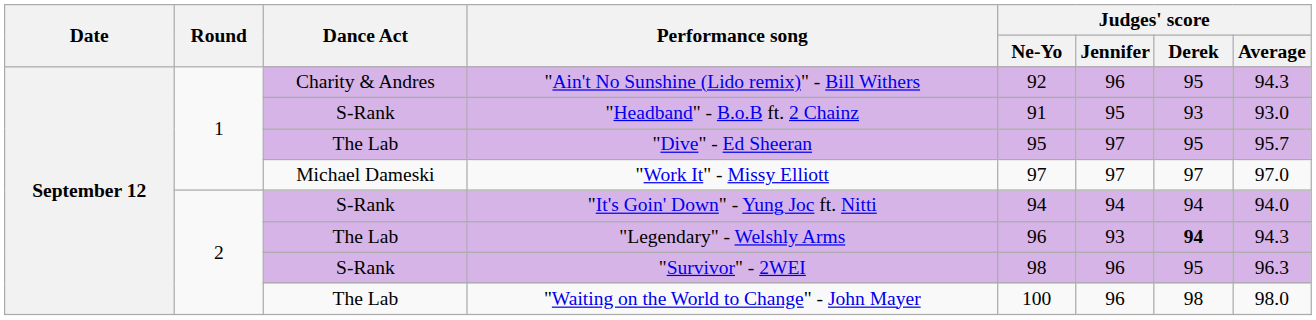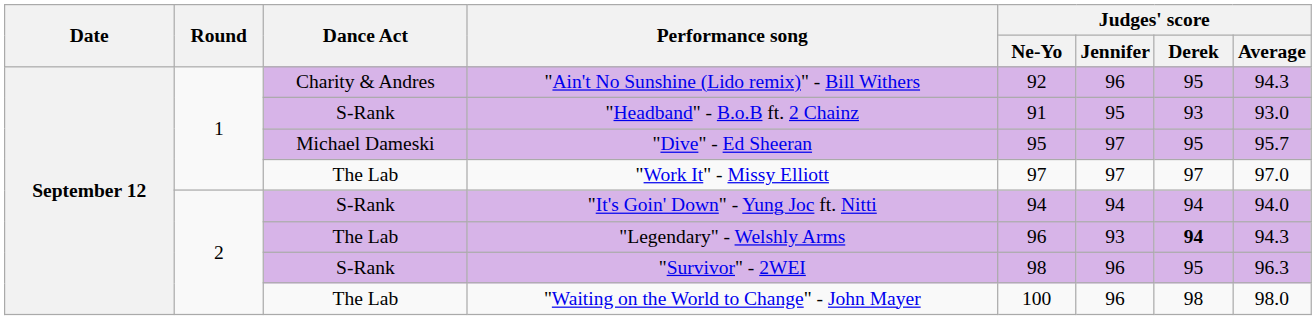 <table class="wikitable sortable" style="text-align:center;">
 <tr>
 <th scope="col" rowspan="2" class="unsortable">Date</th>
 <th scope="col" rowspan="2">Round</th>
 <th scope="col" rowspan="2" class="unsortable">Dance Act</th>
 <th scope="col" rowspan="2" class="unsortable">Performance song</th>
 <th scope="col" colspan="4">Judges' score</th>
 </tr>
 <tr>
 <th style="width:06%;">Ne-Yo</th>
 <th style="width:06%;">Jennifer</th>
 <th style="width:06%;">Derek</th>
 <th style="width:06%;">Average</th>
 </tr>
 <tr>
 <th scope="row" rowspan="8">September 12</th>
 <td rowspan="4">1</td>
 <td style="background:#D7B4E8;">Charity & Andres</td>
 <td style="background:#D7B4E8;">"<a href='#'>Ain't No Sunshine (Lido remix)</a>" - <a href='#'>Bill Withers</a></td>
 <td style="background:#D7B4E8;">92</td>
 <td style="background:#D7B4E8;">96</td>
 <td style="background:#D7B4E8;">95</td>
 <td style="background:#D7B4E8;">94.3</td>
 </tr>
 <tr style="background:#D7B4E8;">
 <td>S-Rank</td>
 <td>"<a href='#'>Headband</a>" - <a href='#'>B.o.B</a> ft. <a href='#'>2 Chainz</a></td>
 <td>91</td>
 <td>95</td>
 <td>93</td>
 <td>93.0</td>
 </tr>
 <tr style="background:#D7B4E8;">
-<td>The Lab</td>
+<td>Michael Dameski</td>
 <td>"<a href='#'>Dive</a>" - <a href='#'>Ed Sheeran</a></td>
 <td>95</td>
 <td>97</td>
 <td>95</td>
 <td>95.7</td>
 </tr>
 <tr>
-<td>Michael Dameski</td>
+<td>The Lab</td>
 <td>"<a href='#'>Work It</a>" - <a href='#'>Missy Elliott</a></td>
 <td>97</td>
 <td>97</td>
 <td>97</td>
 <td>97.0</td>
 </tr>
 <tr>
 <td rowspan="4">2</td>
 <td style="background:#D7B4E8;">S-Rank</td>
 <td style="background:#D7B4E8;">"<a href='#'>It's Goin' Down</a>" - <a href='#'>Yung Joc</a> ft. <a href='#'>Nitti</a></td>
 <td style="background:#D7B4E8;">94</td>
 <td style="background:#D7B4E8;">94</td>
 <td style="background:#D7B4E8;">94</td>
 <td style="background:#D7B4E8;">94.0</td>
 </tr>
 <tr style="background:#D7B4E8;">
 <td>The Lab</td>
 <td>"Legendary" - <a href='#'>Welshly Arms</a></td>
 <td>96</td>
 <td>93</td>
 <td><strong>94</strong></td>
 <td>94.3</td>
 </tr>
 <tr style="background:#D7B4E8;">
 <td>S-Rank</td>
 <td>"<a href='#'>Survivor</a>" - <a href='#'>2WEI</a></td>
 <td>98</td>
 <td>96</td>
 <td>95</td>
 <td>96.3</td>
 </tr>
 <tr>
 <td>The Lab</td>
 <td>"<a href='#'>Waiting on the World to Change</a>" - <a href='#'>John Mayer</a></td>
 <td>100</td>
 <td>96</td>
 <td>98</td>
 <td>98.0</td>
 </tr>
 </table>
